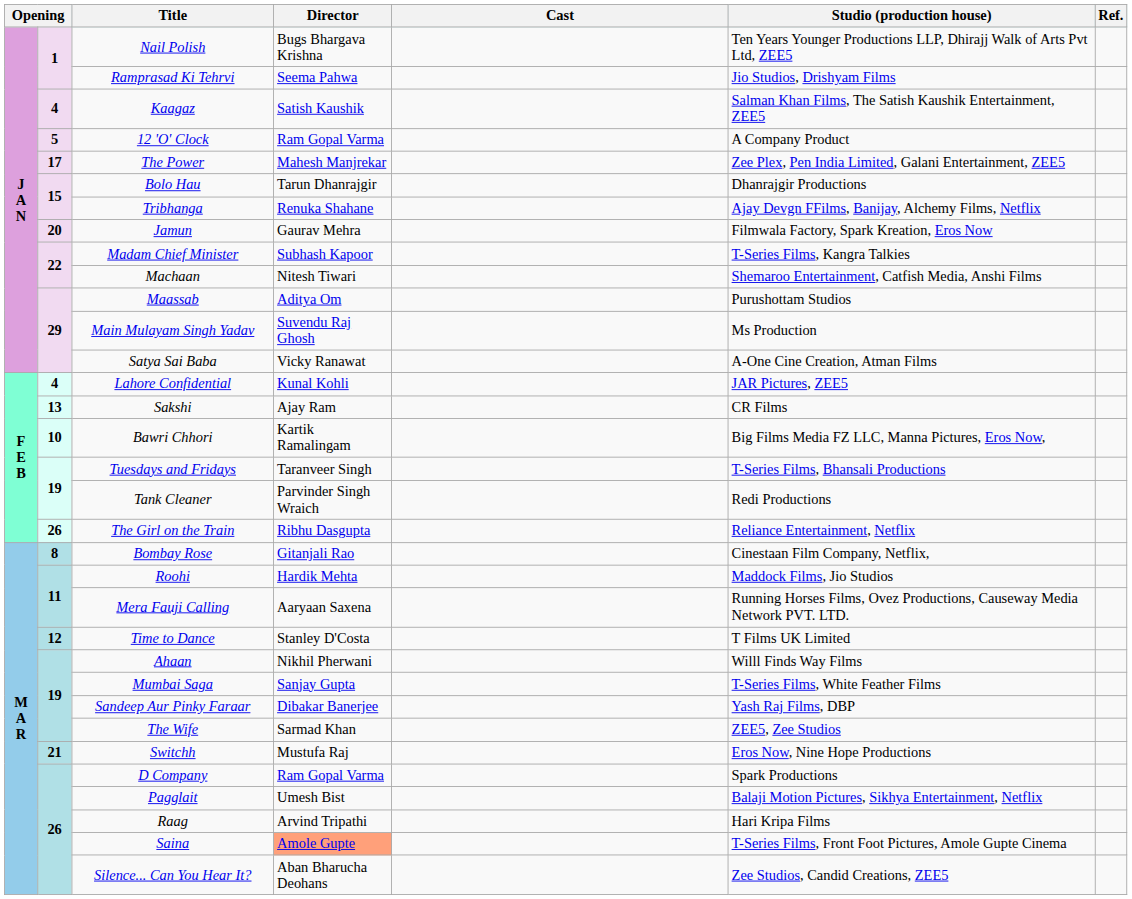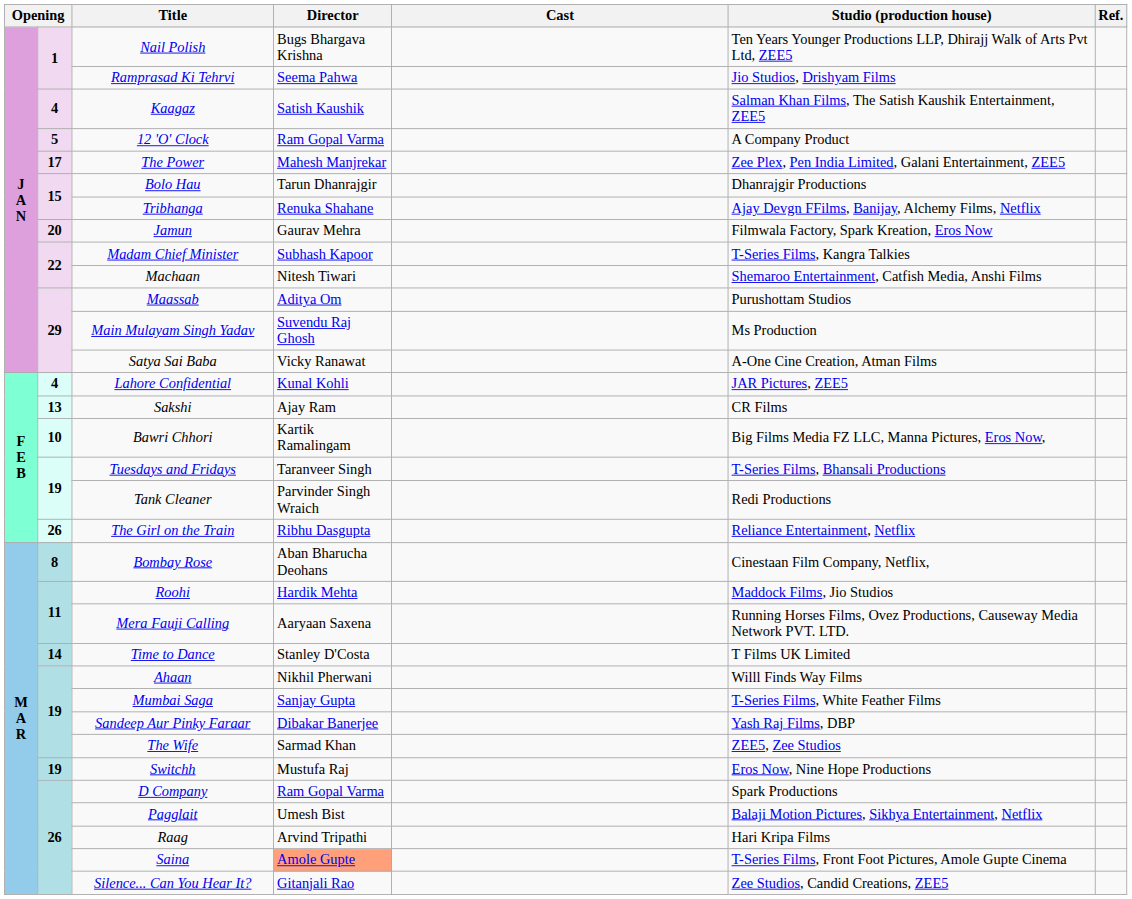 <table class="wikitable">
 <tr style="background:#b0e0e6; text-align:center;">
 <th colspan="2" style="width:6%;"><strong>Opening</strong></th>
 <th style="width:18%;"><strong>Title</strong></th>
 <th style="width:10.5%;"><strong>Director</strong></th>
 <th style="width:30%;"><strong>Cast</strong></th>
 <th>Studio (production house)</th>
 <th>Ref.</th>
 </tr>
 <tr January>
 <th rowspan="13" style="text-align:center; background:plum; textcolor:#000;"><strong>J<br>A<br>N</strong></th>
 <td rowspan="2" style="text-align:center;background:#f1daf1;"><strong>1</strong></td>
 <td style="text-align:center;"><em><a href='#'>Nail Polish</a></em></td>
 <td>Bugs Bhargava Krishna</td>
 <td></td>
 <td>Ten Years Younger Productions LLP, Dhirajj Walk of Arts Pvt Ltd, <a href='#'>ZEE5</a></td>
 <td></td>
 </tr>
 <tr>
 <td style="text-align:center;"><em><a href='#'>Ramprasad Ki Tehrvi</a></em></td>
 <td><a href='#'>Seema Pahwa</a></td>
 <td></td>
 <td><a href='#'>Jio Studios</a>, <a href='#'>Drishyam Films</a></td>
 <td></td>
 </tr>
 <tr>
 <td style="text-align:center;background:#f1daf1;"><strong>4</strong></td>
 <td style="text-align:center;"><em><a href='#'>Kaagaz</a></em></td>
 <td><a href='#'>Satish Kaushik</a></td>
 <td></td>
 <td><a href='#'>Salman Khan Films</a>, The Satish Kaushik Entertainment, <a href='#'>ZEE5</a></td>
 <td></td>
 </tr>
 <tr>
 <td style="text-align:center;background:#f1daf1;"><strong>5</strong></td>
 <td style="text-align:center;"><em><a href='#'>12 'O' Clock</a></em></td>
 <td><a href='#'>Ram Gopal Varma</a></td>
 <td></td>
 <td>A Company Product</td>
 <td></td>
 </tr>
 <tr>
 <td style="text-align:center;background:#f1daf1;"><strong>17</strong></td>
 <td style="text-align:center;"><em><a href='#'>The Power</a></em></td>
 <td><a href='#'>Mahesh Manjrekar</a></td>
 <td></td>
 <td><a href='#'>Zee Plex</a>, <a href='#'>Pen India Limited</a>, Galani Entertainment, <a href='#'>ZEE5</a></td>
 <td></td>
 </tr>
 <tr>
 <td rowspan="2" style="text-align:center;background:#f1daf1;"><strong>15</strong></td>
 <td style="text-align:center;"><em><a href='#'>Bolo Hau</a></em></td>
 <td>Tarun Dhanrajgir</td>
 <td></td>
 <td>Dhanrajgir Productions</td>
 <td></td>
 </tr>
 <tr>
 <td style="text-align:center;"><em><a href='#'>Tribhanga</a></em></td>
 <td><a href='#'>Renuka Shahane</a></td>
 <td></td>
 <td><a href='#'>Ajay Devgn FFilms</a>, <a href='#'>Banijay</a>, Alchemy Films, <a href='#'>Netflix</a></td>
 <td></td>
 </tr>
 <tr>
 <td style="text-align:center;background:#f1daf1;"><strong>20</strong></td>
 <td style="text-align:center;"><em><a href='#'>Jamun</a></em></td>
 <td>Gaurav Mehra</td>
 <td></td>
 <td>Filmwala Factory, Spark Kreation, <a href='#'>Eros Now</a></td>
 <td></td>
 </tr>
 <tr>
 <td rowspan="2" style="text-align:center;background:#f1daf1;"><strong>22</strong></td>
 <td style="text-align:center;"><em><a href='#'>Madam Chief Minister</a></em></td>
 <td><a href='#'>Subhash Kapoor</a></td>
 <td></td>
 <td><a href='#'>T-Series Films</a>, Kangra Talkies</td>
 <td></td>
 </tr>
 <tr>
 <td style="text-align:center;"><em>Machaan</em></td>
 <td>Nitesh Tiwari</td>
 <td></td>
 <td><a href='#'>Shemaroo Entertainment</a>, Catfish Media, Anshi Films</td>
 <td></td>
 </tr>
 <tr>
 <td rowspan="3" style="text-align:center;background:#f1daf1;"><strong>29</strong></td>
 <td style="text-align:center;"><em><a href='#'>Maassab</a></em></td>
 <td><a href='#'>Aditya Om</a></td>
 <td></td>
 <td>Purushottam Studios</td>
 <td></td>
 </tr>
 <tr>
 <td style="text-align:center;"><em><a href='#'>Main Mulayam Singh Yadav</a></em></td>
 <td><a href='#'>Suvendu Raj Ghosh</a></td>
 <td></td>
 <td>Ms Production</td>
 <td></td>
 </tr>
 <tr>
 <td style="text-align:center;"><em>Satya Sai Baba</em></td>
 <td>Vicky Ranawat</td>
 <td></td>
 <td>A-One Cine Creation, Atman Films</td>
 <td></td>
 </tr>
 <tr February>
 <td rowspan="6" style="text-align:center; background:#7FFFD4; textcolor:#000;"><strong>F<br>E<br>B</strong></td>
 <td style="text-align:center;background:#dbfff8;"><strong>4</strong></td>
 <td style="text-align:center;"><em><a href='#'>Lahore Confidential</a></em></td>
 <td><a href='#'>Kunal Kohli</a></td>
 <td></td>
 <td><a href='#'>JAR Pictures</a>, <a href='#'>ZEE5</a></td>
 <td></td>
 </tr>
 <tr>
 <td style="text-align:center;background:#dbfff8;"><strong>13</strong></td>
 <td style="text-align:center;"><em>Sakshi</em></td>
 <td>Ajay Ram</td>
 <td></td>
 <td>CR Films</td>
 <td></td>
 </tr>
 <tr>
 <td style="text-align:center;background:#dbfff8;"><strong>10</strong></td>
 <td style="text-align:center;"><em>Bawri Chhori</em></td>
 <td>Kartik Ramalingam</td>
 <td></td>
 <td>Big Films Media FZ LLC, Manna Pictures, <a href='#'>Eros Now</a>,</td>
 <td></td>
 </tr>
 <tr>
 <td rowspan="2" style="text-align:center;background:#dbfff8;"><strong>19</strong></td>
 <td style="text-align:center;"><em><a href='#'>Tuesdays and Fridays</a></em></td>
 <td>Taranveer Singh</td>
 <td></td>
 <td><a href='#'>T-Series Films</a>, <a href='#'>Bhansali Productions</a></td>
 <td></td>
 </tr>
 <tr>
 <td style="text-align:center;"><em>Tank Cleaner</em></td>
 <td>Parvinder Singh Wraich</td>
 <td></td>
 <td>Redi Productions</td>
 <td></td>
 </tr>
 <tr>
 <td style="text-align:center;background:#dbfff8;"><strong>26</strong></td>
 <td style="text-align:center;"><em><a href='#'>The Girl on the Train</a></em></td>
 <td><a href='#'>Ribhu Dasgupta</a></td>
 <td></td>
 <td><a href='#'>Reliance Entertainment</a>, <a href='#'>Netflix</a></td>
 <td></td>
 </tr>
 <tr March>
 <td rowspan="15" style="text-align:center; background:#93CCEA; textcolor:#000;"><strong>M<br>A<br>R</strong></td>
 <td style="text-align:center;background:#B0E0E6;"><strong>8</strong></td>
 <td style="text-align:center;"><em><a href='#'>Bombay Rose</a></em></td>
-<td><a href='#'>Gitanjali Rao</a></td>
+<td>Aban Bharucha Deohans</td>
 <td></td>
 <td>Cinestaan Film Company, Netflix,</td>
 <td></td>
 </tr>
 <tr>
 <td rowspan="2" style="text-align:center;background:#B0E0E6;"><strong>11</strong></td>
 <td style="text-align:center;"><em><a href='#'>Roohi</a></em></td>
 <td><a href='#'>Hardik Mehta</a></td>
 <td></td>
 <td><a href='#'>Maddock Films</a>, Jio Studios</td>
 <td></td>
 </tr>
 <tr>
 <td style="text-align:center;"><em><a href='#'>Mera Fauji Calling</a></em></td>
 <td>Aaryaan Saxena</td>
 <td></td>
 <td>Running Horses Films, Ovez Productions, Causeway Media Network PVT. LTD.</td>
 <td></td>
 </tr>
 <tr>
-<td style="text-align:center;background:#B0E0E6;"><strong>12</strong></td>
+<td style="text-align:center;background:#B0E0E6;"><strong>14</strong></td>
 <td style="text-align:center;"><em><a href='#'>Time to Dance</a></em></td>
 <td>Stanley D'Costa</td>
 <td></td>
 <td>T Films UK Limited</td>
 <td></td>
 </tr>
 <tr>
 <td rowspan="4" style="text-align:center;background:#B0E0E6;"><strong>19</strong></td>
 <td style="text-align:center;"><em><a href='#'>Ahaan</a></em></td>
 <td>Nikhil Pherwani</td>
 <td></td>
 <td>Willl Finds Way Films</td>
 <td></td>
 </tr>
 <tr>
 <td style="text-align:center;"><em><a href='#'>Mumbai Saga</a></em></td>
 <td><a href='#'>Sanjay Gupta</a></td>
 <td></td>
 <td><a href='#'>T-Series Films</a>, White Feather Films</td>
 <td></td>
 </tr>
 <tr>
 <td style="text-align:center;"><em><a href='#'>Sandeep Aur Pinky Faraar</a></em></td>
 <td><a href='#'>Dibakar Banerjee</a></td>
 <td></td>
 <td><a href='#'>Yash Raj Films</a>, DBP</td>
 <td></td>
 </tr>
 <tr>
 <td style="text-align:center;"><em><a href='#'>The Wife</a></em></td>
 <td>Sarmad Khan</td>
 <td></td>
 <td><a href='#'>ZEE5</a>, <a href='#'>Zee Studios</a></td>
 <td></td>
 </tr>
 <tr>
-<td style="text-align:center;background:#B0E0E6;"><strong>21</strong></td>
+<td style="text-align:center;background:#B0E0E6;"><strong>19</strong></td>
 <td style="text-align:center;"><em><a href='#'>Switchh</a></em></td>
 <td>Mustufa Raj</td>
 <td></td>
 <td><a href='#'>Eros Now</a>, Nine Hope Productions</td>
 <td></td>
 </tr>
 <tr>
 <td rowspan="5" style="text-align:center;background:#B0E0E6;"><strong>26</strong></td>
 <td style="text-align:center;"><em><a href='#'>D Company</a></em></td>
 <td><a href='#'>Ram Gopal Varma</a></td>
 <td></td>
 <td>Spark Productions</td>
 <td></td>
 </tr>
 <tr>
 <td style="text-align:center;"><em><a href='#'>Pagglait</a></em></td>
 <td>Umesh Bist</td>
 <td></td>
 <td><a href='#'>Balaji Motion Pictures</a>, <a href='#'>Sikhya Entertainment</a>, <a href='#'>Netflix</a></td>
 <td></td>
 </tr>
 <tr>
 <td style="text-align:center;"><em>Raag</em></td>
 <td>Arvind Tripathi</td>
 <td></td>
 <td>Hari Kripa Films</td>
 <td></td>
 </tr>
 <tr>
 <td style="text-align:center;"><em><a href='#'>Saina</a></em></td>
 <td style="background: lightsalmon;"><a href='#'>Amole Gupte</a></td>
 <td></td>
 <td><a href='#'>T-Series Films</a>, Front Foot Pictures, Amole Gupte Cinema</td>
 <td></td>
 </tr>
 <tr>
 <td style="text-align:center;"><em><a href='#'>Silence... Can You Hear It?</a></em></td>
-<td>Aban Bharucha Deohans</td>
+<td><a href='#'>Gitanjali Rao</a></td>
 <td></td>
 <td><a href='#'>Zee Studios</a>, Candid Creations, <a href='#'>ZEE5</a></td>
 <td></td>
 </tr>
 </table>
